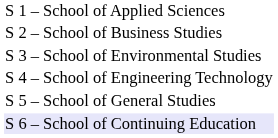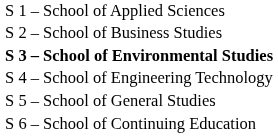 <table>
 <tr>
 <td>S 1 – School of Applied Sciences</td>
 </tr>
 <tr>
 <td>S 2 – School of Business Studies</td>
 </tr>
 <tr>
-<td>S 3 – School of Environmental Studies</td>
+<td><strong>S 3 – School of Environmental Studies</strong></td>
 </tr>
 <tr>
 <td>S 4 – School of Engineering Technology</td>
 </tr>
 <tr>
 <td>S 5 – School of General Studies</td>
 </tr>
 <tr>
-<td style="background: lavender;">S 6 – School of Continuing Education</td>
+<td>S 6 – School of Continuing Education</td>
 </tr>
 </table>
